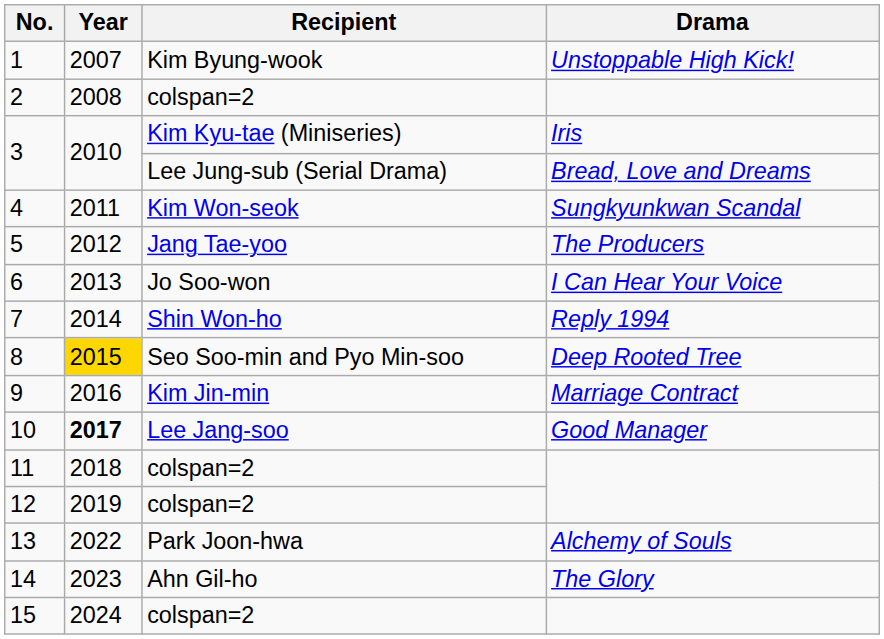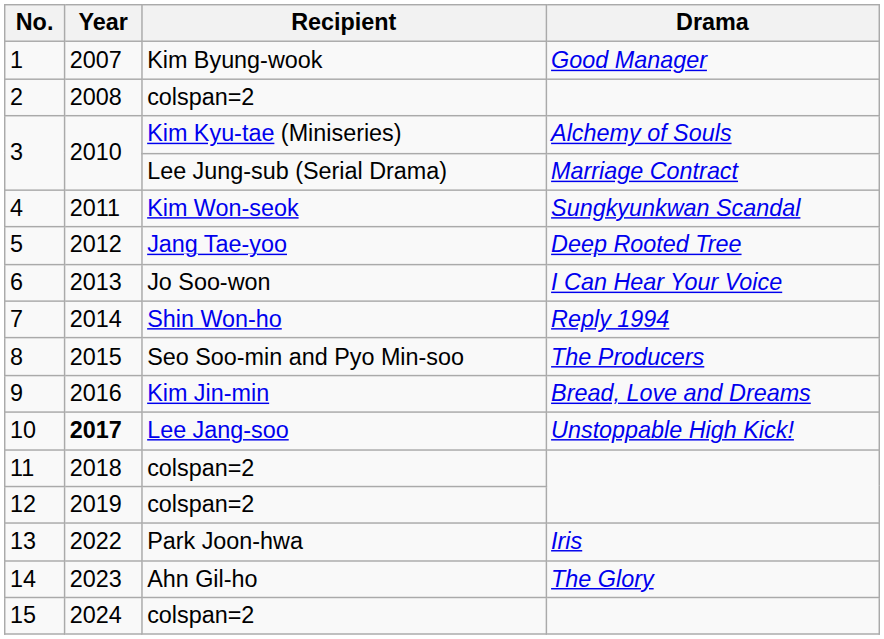 <table class="wikitable" style="width:600px">
 <tr>
 <th>No.</th>
 <th>Year</th>
 <th>Recipient</th>
 <th>Drama</th>
 </tr>
 <tr>
 <td>1</td>
 <td>2007</td>
 <td>Kim Byung-wook</td>
-<td><em><a href='#'>Unstoppable High Kick!</a></em></td>
+<td><em><a href='#'>Good Manager</a></em></td>
 </tr>
 <tr>
 <td>2</td>
 <td>2008</td>
 <td>colspan=2</td>
 <td></td>
 </tr>
 <tr>
 <td rowspan=2>3</td>
 <td rowspan=2>2010</td>
 <td><a href='#'>Kim Kyu-tae</a> (Miniseries)</td>
-<td><em><a href='#'>Iris</a></em></td>
+<td><em><a href='#'>Alchemy of Souls</a></em></td>
 </tr>
 <tr>
 <td>Lee Jung-sub (Serial Drama)</td>
-<td><em><a href='#'>Bread, Love and Dreams</a></em></td>
+<td><em><a href='#'>Marriage Contract</a></em></td>
 </tr>
 <tr>
 <td>4</td>
 <td>2011</td>
 <td><a href='#'>Kim Won-seok</a></td>
 <td><em><a href='#'>Sungkyunkwan Scandal</a></em></td>
 </tr>
 <tr>
 <td>5</td>
 <td>2012</td>
 <td><a href='#'>Jang Tae-yoo</a></td>
-<td><em><a href='#'>The Producers</a></em></td>
+<td><em><a href='#'>Deep Rooted Tree</a></em></td>
 </tr>
 <tr>
 <td>6</td>
 <td>2013</td>
 <td>Jo Soo-won</td>
 <td><em><a href='#'>I Can Hear Your Voice</a></em></td>
 </tr>
 <tr>
 <td>7</td>
 <td>2014</td>
 <td><a href='#'>Shin Won-ho</a></td>
 <td><em><a href='#'>Reply 1994</a></em></td>
 </tr>
 <tr>
 <td>8</td>
-<td style="background: gold;">2015</td>
+<td>2015</td>
 <td>Seo Soo-min and Pyo Min-soo</td>
-<td><em><a href='#'>Deep Rooted Tree</a></em></td>
+<td><em><a href='#'>The Producers</a></em></td>
 </tr>
 <tr>
 <td>9</td>
 <td>2016</td>
 <td><a href='#'>Kim Jin-min</a></td>
-<td><em><a href='#'>Marriage Contract</a></em></td>
+<td><em><a href='#'>Bread, Love and Dreams</a></em></td>
 </tr>
 <tr>
 <td>10</td>
 <td><strong>2017</strong></td>
 <td><a href='#'>Lee Jang-soo</a></td>
-<td><em><a href='#'>Good Manager</a></em></td>
+<td><em><a href='#'>Unstoppable High Kick!</a></em></td>
 </tr>
 <tr>
 <td>11</td>
 <td>2018</td>
 <td>colspan=2 </td>
 </tr>
 <tr>
 <td>12</td>
 <td>2019</td>
 <td>colspan=2 </td>
 </tr>
 <tr>
 <td>13</td>
 <td>2022</td>
 <td>Park Joon-hwa</td>
-<td><em><a href='#'>Alchemy of Souls</a></em></td>
+<td><em><a href='#'>Iris</a></em></td>
 </tr>
 <tr>
 <td>14</td>
 <td>2023</td>
 <td>Ahn Gil-ho</td>
 <td><em><a href='#'>The Glory</a></em></td>
 </tr>
 <tr>
 <td>15</td>
 <td>2024</td>
 <td>colspan=2 </td>
 <td></td>
 </tr>
 </table>
